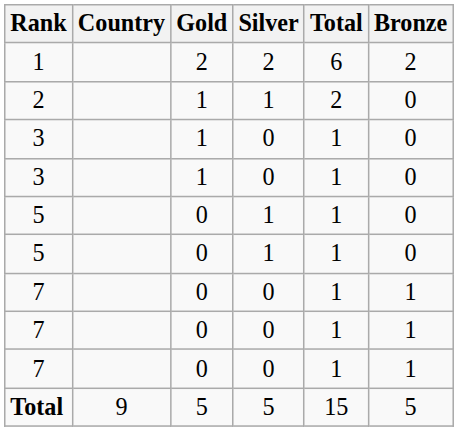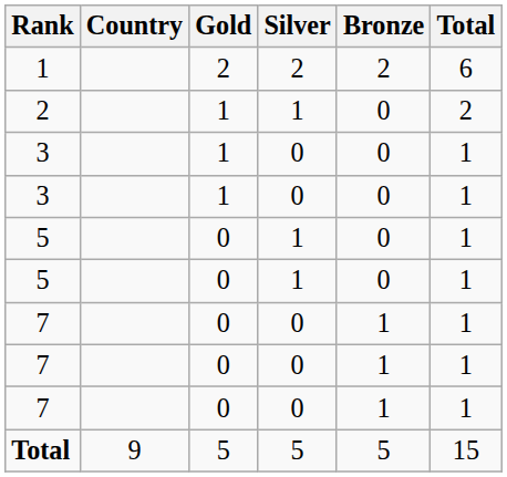 <table class="wikitable" style="text-align:center;">
 <tr>
 <th>Rank</th>
 <th>Country</th>
 <th>Gold</th>
 <th>Silver</th>
+<th>Bronze</th>
 <th>Total</th>
-<th>Bronze</th>
 </tr>
 <tr>
 <td>1</td>
 <td align="left"></td>
 <td>2</td>
 <td>2</td>
+<td>2</td>
 <td>6</td>
-<td>2</td>
 </tr>
 <tr>
 <td>2</td>
 <td align="left"></td>
 <td>1</td>
 <td>1</td>
+<td>0</td>
 <td>2</td>
-<td>0</td>
 </tr>
 <tr>
 <td>3</td>
 <td align="left"></td>
 <td>1</td>
 <td>0</td>
+<td>0</td>
 <td>1</td>
-<td>0</td>
 </tr>
 <tr>
 <td>3</td>
 <td align="left"></td>
 <td>1</td>
 <td>0</td>
+<td>0</td>
 <td>1</td>
-<td>0</td>
 </tr>
 <tr>
 <td>5</td>
 <td align="left"></td>
 <td>0</td>
 <td>1</td>
+<td>0</td>
 <td>1</td>
-<td>0</td>
 </tr>
 <tr>
 <td>5</td>
 <td align="left"></td>
 <td>0</td>
 <td>1</td>
+<td>0</td>
 <td>1</td>
-<td>0</td>
 </tr>
 <tr>
 <td>7</td>
 <td align="left"></td>
 <td>0</td>
 <td>0</td>
 <td>1</td>
 <td>1</td>
 </tr>
 <tr>
 <td>7</td>
 <td align="left"></td>
 <td>0</td>
 <td>0</td>
 <td>1</td>
 <td>1</td>
 </tr>
 <tr>
 <td>7</td>
 <td align="left"></td>
 <td>0</td>
 <td>0</td>
 <td>1</td>
 <td>1</td>
 </tr>
 <tr>
 <td align="left"><strong>Total</strong></td>
 <td>9</td>
 <td>5</td>
 <td>5</td>
+<td>5</td>
 <td>15</td>
-<td>5</td>
 </tr>
 </table>
